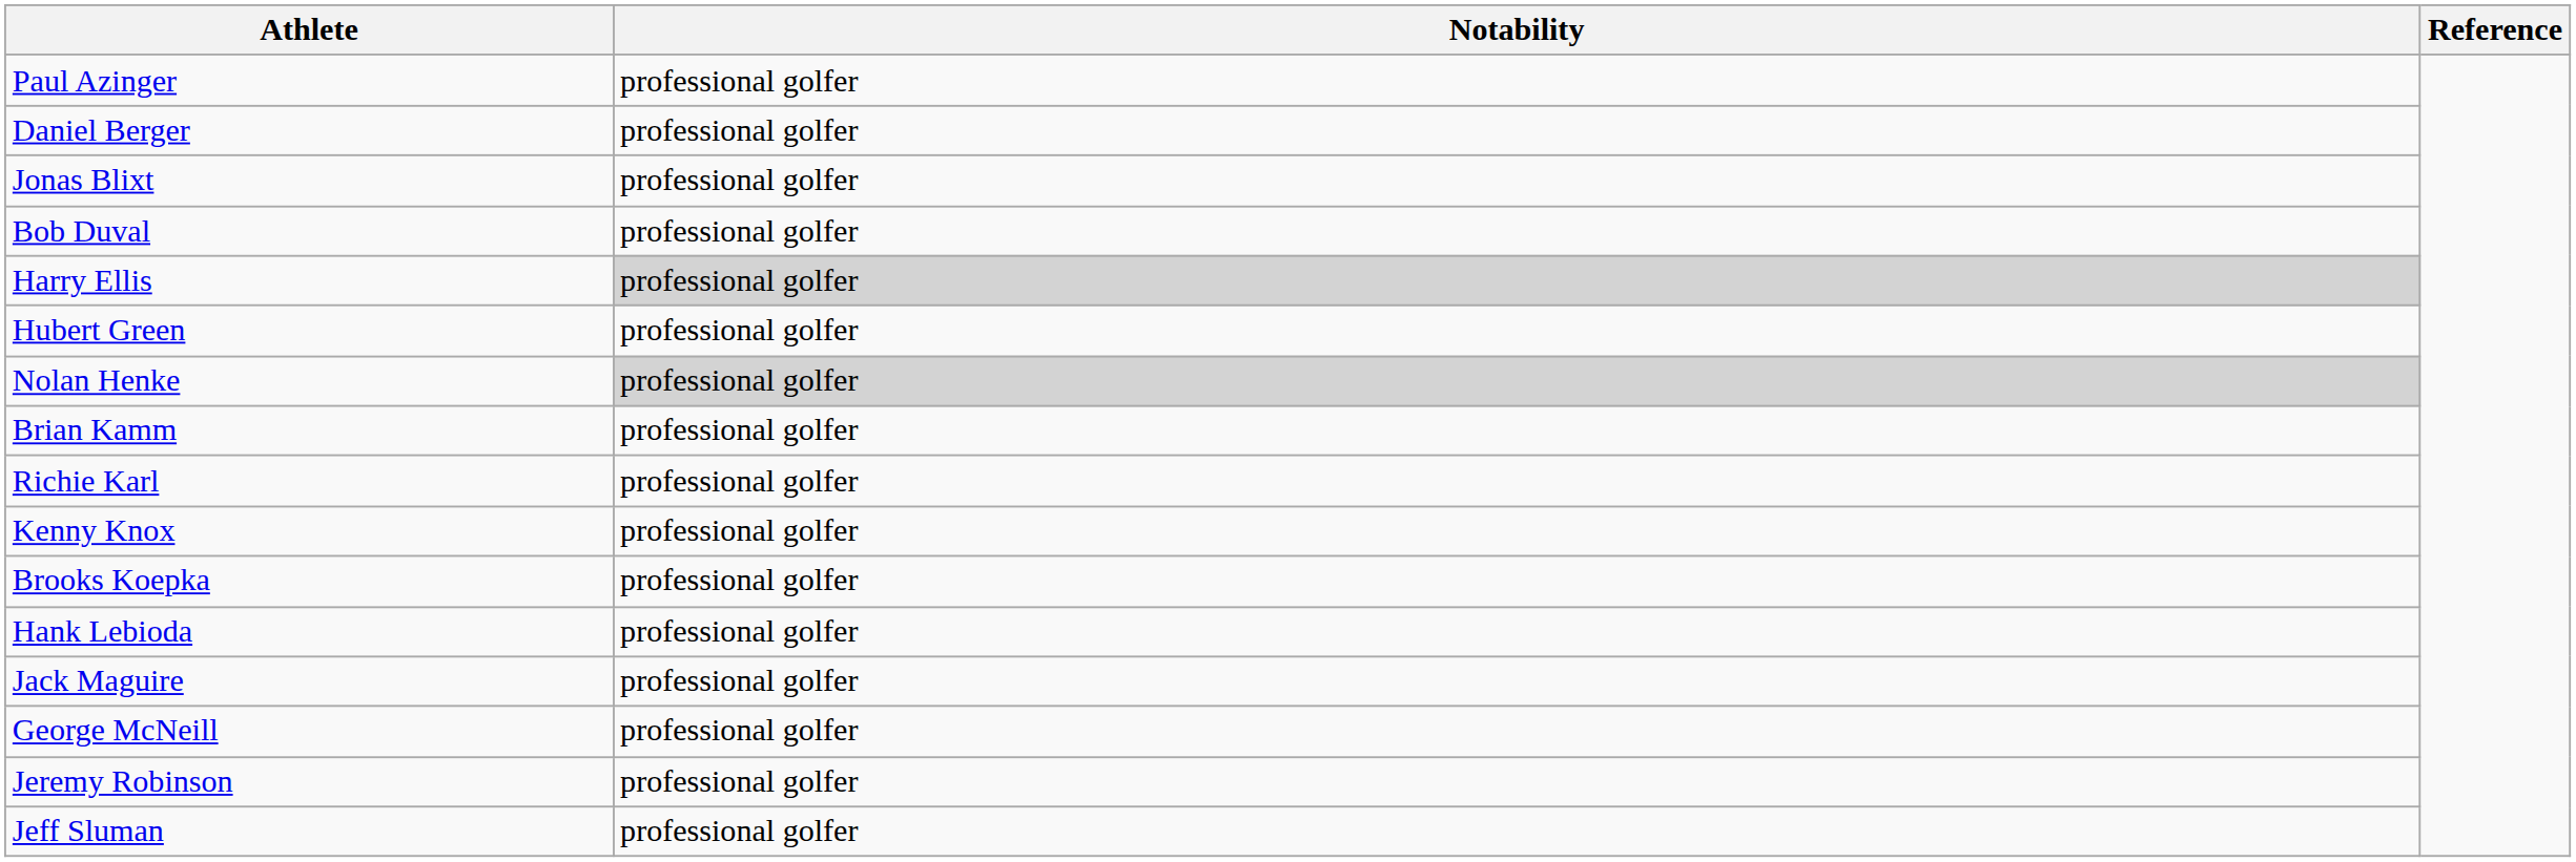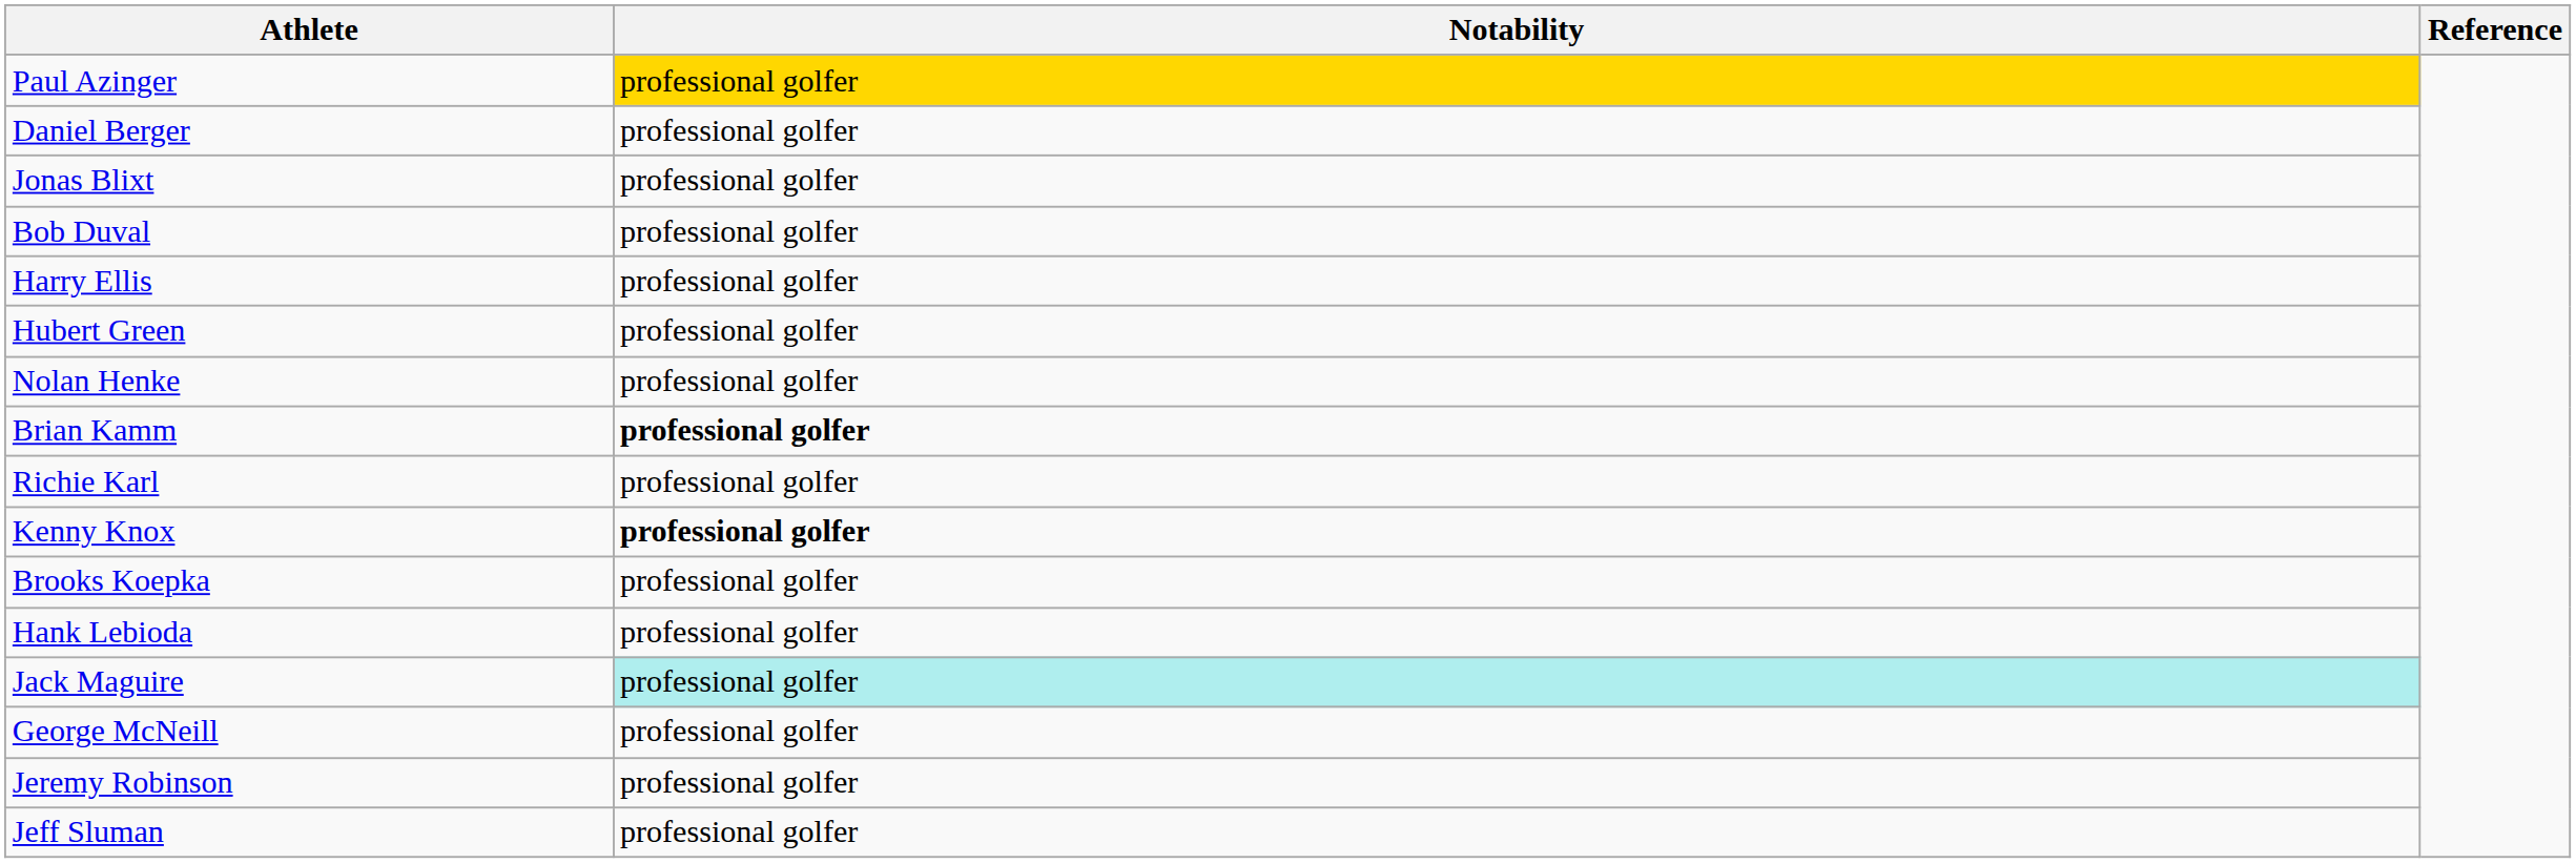 <table class="wikitable" style="width:82%">
 <tr valign="top">
 <th style="width:25%;">Athlete</th>
 <th style="width:75%;">Notability</th>
 <th style="width:*;" class="unsortable">Reference</th>
 </tr>
 <tr valign="top">
 <td><a href='#'>Paul Azinger</a></td>
-<td>professional golfer</td>
+<td style="background: gold;">professional golfer</td>
 </tr>
 <tr valign="top">
 <td><a href='#'>Daniel Berger</a></td>
 <td>professional golfer</td>
 </tr>
 <tr valign="top">
 <td><a href='#'>Jonas Blixt</a></td>
 <td>professional golfer</td>
 </tr>
 <tr valign="top">
 <td><a href='#'>Bob Duval</a></td>
 <td>professional golfer</td>
 </tr>
 <tr valign="top">
 <td><a href='#'>Harry Ellis</a></td>
-<td style="background: lightgrey;">professional golfer</td>
+<td>professional golfer</td>
 </tr>
 <tr valign="top">
 <td><a href='#'>Hubert Green</a></td>
 <td>professional golfer</td>
 </tr>
 <tr valign="top">
 <td><a href='#'>Nolan Henke</a></td>
-<td style="background: lightgrey;">professional golfer</td>
+<td>professional golfer</td>
 </tr>
 <tr valign="top">
 <td><a href='#'>Brian Kamm</a></td>
-<td>professional golfer</td>
+<td><strong>professional golfer</strong></td>
 </tr>
 <tr valign="top">
 <td><a href='#'>Richie Karl</a></td>
 <td>professional golfer</td>
 </tr>
 <tr valign="top">
 <td><a href='#'>Kenny Knox</a></td>
-<td>professional golfer</td>
+<td><strong>professional golfer</strong></td>
 </tr>
 <tr valign="top">
 <td><a href='#'>Brooks Koepka</a></td>
 <td>professional golfer</td>
 </tr>
 <tr valign="top">
 <td><a href='#'>Hank Lebioda</a></td>
 <td>professional golfer</td>
 </tr>
 <tr valign="top">
 <td><a href='#'>Jack Maguire</a></td>
-<td>professional golfer</td>
+<td style="background: paleturquoise;">professional golfer</td>
 </tr>
 <tr valign="top">
 <td><a href='#'>George McNeill</a></td>
 <td>professional golfer</td>
 </tr>
 <tr valign="top">
 <td><a href='#'>Jeremy Robinson</a></td>
 <td>professional golfer</td>
 </tr>
 <tr valign="top">
 <td><a href='#'>Jeff Sluman</a></td>
 <td>professional golfer</td>
 </tr>
 </table>
